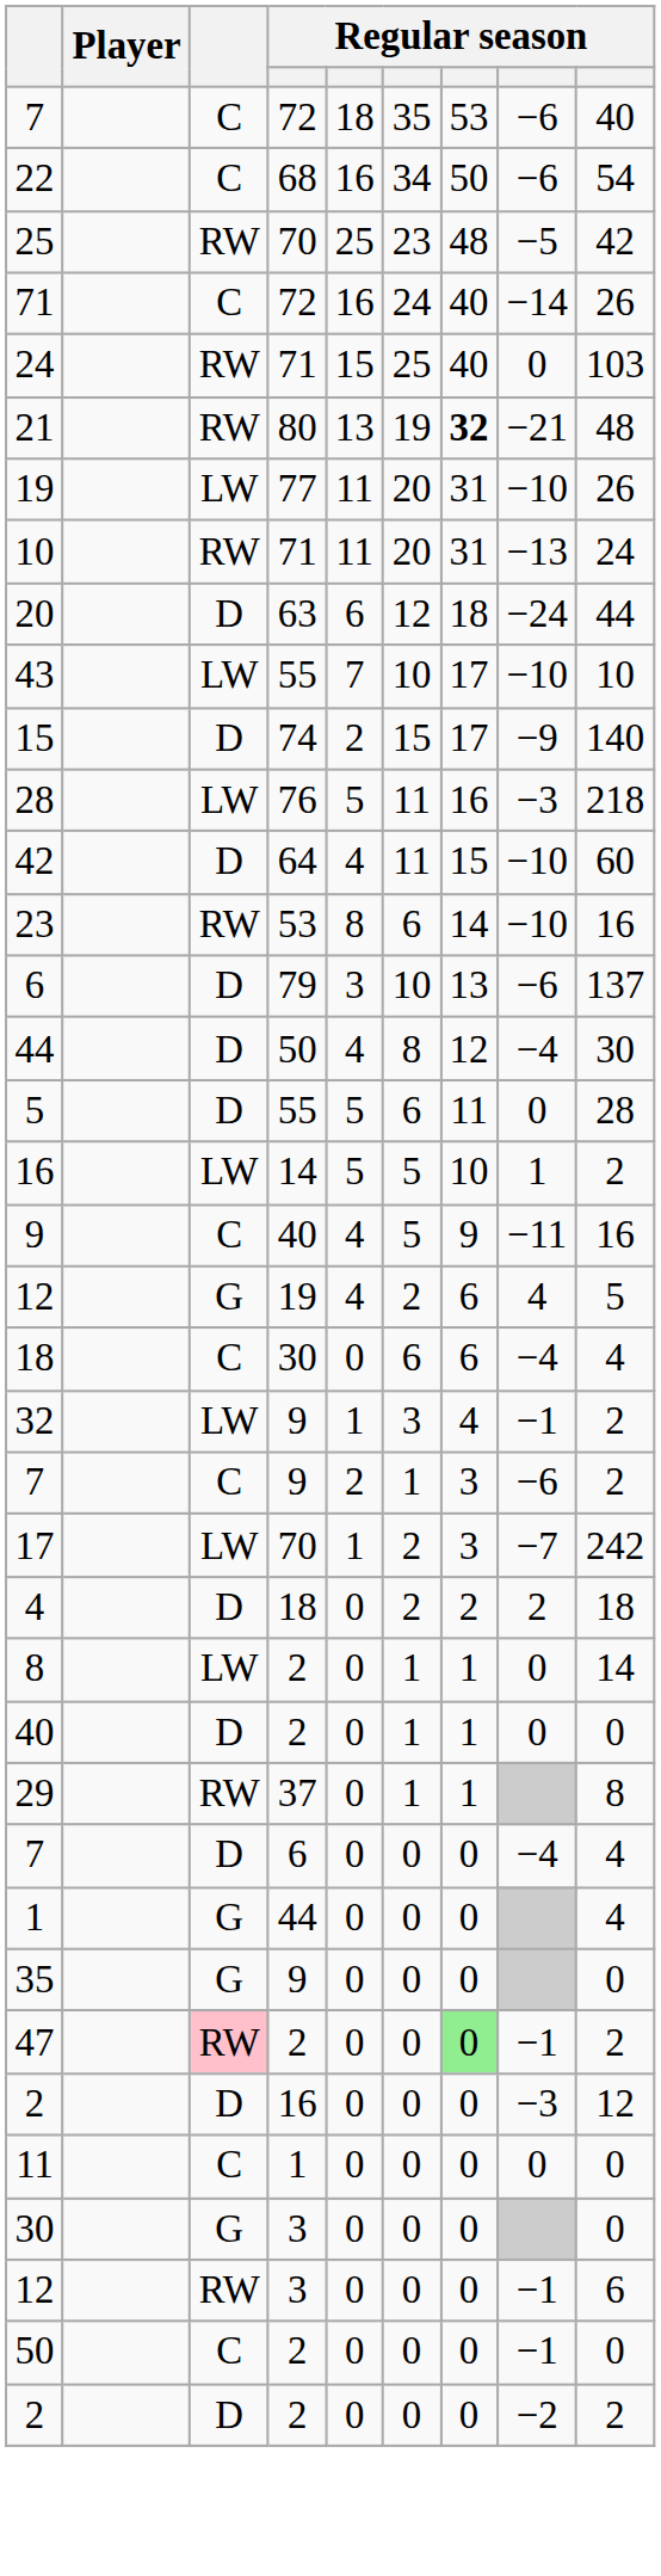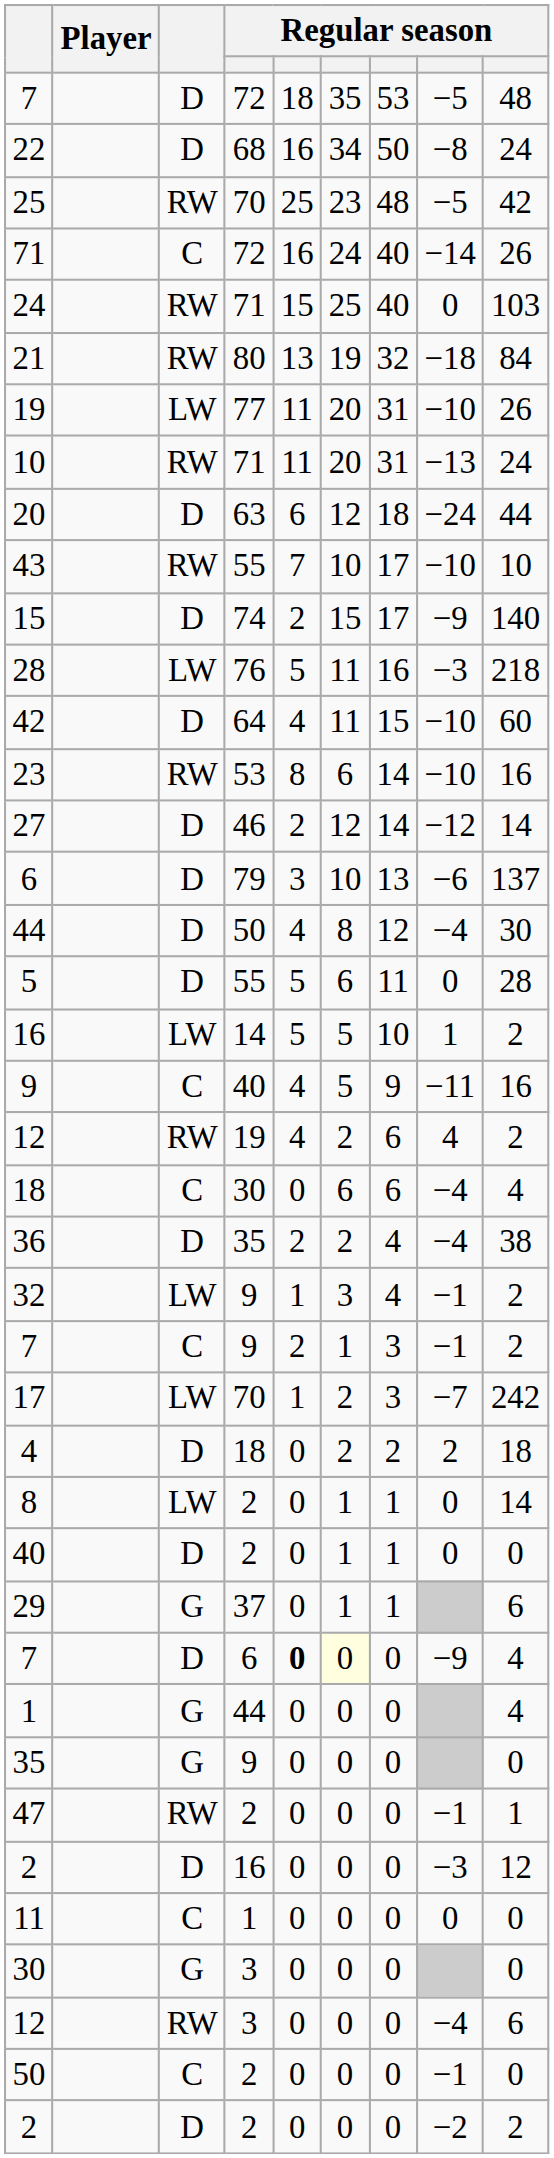 <table class="wikitable sortable plainrowheaders" style="text-align:center;">
 <tr>
 <th scope="col" data-sort-type="number" rowspan="2"></th>
 <th scope="col" rowspan="2">Player</th>
 <th scope="col" rowspan="2"></th>
 <th scope=colgroup colspan=6>Regular season</th>
 </tr>
 <tr>
 <th scope="col" data-sort-type="number"></th>
 <th scope="col" data-sort-type="number"></th>
 <th scope="col" data-sort-type="number"></th>
 <th scope="col" data-sort-type="number"></th>
 <th scope="col" data-sort-type="number"></th>
 <th scope="col" data-sort-type="number"></th>
 </tr>
 <tr>
 <td scope="row">7</td>
 <td align="left"></td>
-<td>C</td>
+<td>D</td>
 <td>72</td>
 <td>18</td>
 <td>35</td>
 <td>53</td>
-<td>−6</td>
-<td>40</td>
+<td>−5</td>
+<td>48</td>
 </tr>
 <tr>
 <td scope="row">22</td>
 <td align="left"></td>
-<td>C</td>
+<td>D</td>
 <td>68</td>
 <td>16</td>
 <td>34</td>
 <td>50</td>
-<td>−6</td>
-<td>54</td>
+<td>−8</td>
+<td>24</td>
 </tr>
 <tr>
 <td scope="row">25</td>
 <td align="left"></td>
 <td>RW</td>
 <td>70</td>
 <td>25</td>
 <td>23</td>
 <td>48</td>
 <td>−5</td>
 <td>42</td>
 </tr>
 <tr>
 <td scope="row">71</td>
 <td align="left"></td>
 <td>C</td>
 <td>72</td>
 <td>16</td>
 <td>24</td>
 <td>40</td>
 <td>−14</td>
 <td>26</td>
 </tr>
 <tr>
 <td scope="row">24</td>
 <td align="left"></td>
 <td>RW</td>
 <td>71</td>
 <td>15</td>
 <td>25</td>
 <td>40</td>
 <td>0</td>
 <td>103</td>
 </tr>
 <tr>
 <td scope="row">21</td>
 <td align="left"></td>
 <td>RW</td>
 <td>80</td>
 <td>13</td>
 <td>19</td>
-<td><strong>32</strong></td>
-<td>−21</td>
-<td>48</td>
+<td>32</td>
+<td>−18</td>
+<td>84</td>
 </tr>
 <tr>
 <td scope="row">19</td>
 <td align="left"></td>
 <td>LW</td>
 <td>77</td>
 <td>11</td>
 <td>20</td>
 <td>31</td>
 <td>−10</td>
 <td>26</td>
 </tr>
 <tr>
 <td scope="row">10</td>
 <td align="left"></td>
 <td>RW</td>
 <td>71</td>
 <td>11</td>
 <td>20</td>
 <td>31</td>
 <td>−13</td>
 <td>24</td>
 </tr>
 <tr>
 <td scope="row">20</td>
 <td align="left"></td>
 <td>D</td>
 <td>63</td>
 <td>6</td>
 <td>12</td>
 <td>18</td>
 <td>−24</td>
 <td>44</td>
 </tr>
 <tr>
 <td scope="row">43</td>
 <td align="left"></td>
-<td>LW</td>
+<td>RW</td>
 <td>55</td>
 <td>7</td>
 <td>10</td>
 <td>17</td>
 <td>−10</td>
 <td>10</td>
 </tr>
 <tr>
 <td scope="row">15</td>
 <td align="left"></td>
 <td>D</td>
 <td>74</td>
 <td>2</td>
 <td>15</td>
 <td>17</td>
 <td>−9</td>
 <td>140</td>
 </tr>
 <tr>
 <td scope="row">28</td>
 <td align="left"></td>
 <td>LW</td>
 <td>76</td>
 <td>5</td>
 <td>11</td>
 <td>16</td>
 <td>−3</td>
 <td>218</td>
 </tr>
 <tr>
 <td scope="row">42</td>
 <td align="left"></td>
 <td>D</td>
 <td>64</td>
 <td>4</td>
 <td>11</td>
 <td>15</td>
 <td>−10</td>
 <td>60</td>
 </tr>
 <tr>
 <td scope="row">23</td>
 <td align="left"></td>
 <td>RW</td>
 <td>53</td>
 <td>8</td>
 <td>6</td>
 <td>14</td>
 <td>−10</td>
 <td>16</td>
+</tr>
+<tr>
+<td scope="row">27</td>
+<td align="left"></td>
+<td>D</td>
+<td>46</td>
+<td>2</td>
+<td>12</td>
+<td>14</td>
+<td>−12</td>
+<td>14</td>
 </tr>
 <tr>
 <td scope="row">6</td>
 <td align="left"></td>
 <td>D</td>
 <td>79</td>
 <td>3</td>
 <td>10</td>
 <td>13</td>
 <td>−6</td>
 <td>137</td>
 </tr>
 <tr>
 <td scope="row">44</td>
 <td align="left"></td>
 <td>D</td>
 <td>50</td>
 <td>4</td>
 <td>8</td>
 <td>12</td>
 <td>−4</td>
 <td>30</td>
 </tr>
 <tr>
 <td scope="row">5</td>
 <td align="left"></td>
 <td>D</td>
 <td>55</td>
 <td>5</td>
 <td>6</td>
 <td>11</td>
 <td>0</td>
 <td>28</td>
 </tr>
 <tr>
 <td scope="row">16</td>
 <td align="left"></td>
 <td>LW</td>
 <td>14</td>
 <td>5</td>
 <td>5</td>
 <td>10</td>
 <td>1</td>
 <td>2</td>
 </tr>
 <tr>
 <td scope="row">9</td>
 <td align="left"></td>
 <td>C</td>
 <td>40</td>
 <td>4</td>
 <td>5</td>
 <td>9</td>
 <td>−11</td>
 <td>16</td>
 </tr>
 <tr>
 <td scope="row">12</td>
 <td align="left"></td>
-<td>G</td>
+<td>RW</td>
 <td>19</td>
 <td>4</td>
 <td>2</td>
 <td>6</td>
 <td>4</td>
-<td>5</td>
+<td>2</td>
 </tr>
 <tr>
 <td scope="row">18</td>
 <td align="left"></td>
 <td>C</td>
 <td>30</td>
 <td>0</td>
 <td>6</td>
 <td>6</td>
 <td>−4</td>
 <td>4</td>
+</tr>
+<tr>
+<td scope="row">36</td>
+<td align="left"></td>
+<td>D</td>
+<td>35</td>
+<td>2</td>
+<td>2</td>
+<td>4</td>
+<td>−4</td>
+<td>38</td>
 </tr>
 <tr>
 <td scope="row">32</td>
 <td align="left"></td>
 <td>LW</td>
 <td>9</td>
 <td>1</td>
 <td>3</td>
 <td>4</td>
 <td>−1</td>
 <td>2</td>
 </tr>
 <tr>
 <td scope="row">7</td>
 <td align="left"></td>
 <td>C</td>
 <td>9</td>
 <td>2</td>
 <td>1</td>
 <td>3</td>
-<td>−6</td>
+<td>−1</td>
 <td>2</td>
 </tr>
 <tr>
 <td scope="row">17</td>
 <td align="left"></td>
 <td>LW</td>
 <td>70</td>
 <td>1</td>
 <td>2</td>
 <td>3</td>
 <td>−7</td>
 <td>242</td>
 </tr>
 <tr>
 <td scope="row">4</td>
 <td align="left"></td>
 <td>D</td>
 <td>18</td>
 <td>0</td>
 <td>2</td>
 <td>2</td>
 <td>2</td>
 <td>18</td>
 </tr>
 <tr>
 <td scope="row">8</td>
 <td align="left"></td>
 <td>LW</td>
 <td>2</td>
 <td>0</td>
 <td>1</td>
 <td>1</td>
 <td>0</td>
 <td>14</td>
 </tr>
 <tr>
 <td scope="row">40</td>
 <td align="left"></td>
 <td>D</td>
 <td>2</td>
 <td>0</td>
 <td>1</td>
 <td>1</td>
 <td>0</td>
 <td>0</td>
 </tr>
 <tr>
 <td scope="row">29</td>
 <td align="left"></td>
-<td>RW</td>
+<td>G</td>
 <td>37</td>
 <td>0</td>
 <td>1</td>
 <td>1</td>
 <td style="background:#ccc"></td>
-<td>8</td>
+<td>6</td>
 </tr>
 <tr>
 <td scope="row">7</td>
 <td align="left"></td>
 <td>D</td>
 <td>6</td>
+<td><strong>0</strong></td>
+<td style="background: lightyellow;">0</td>
 <td>0</td>
-<td>0</td>
-<td>0</td>
-<td>−4</td>
+<td>−9</td>
 <td>4</td>
 </tr>
 <tr>
 <td scope="row">1</td>
 <td align="left"></td>
 <td>G</td>
 <td>44</td>
 <td>0</td>
 <td>0</td>
 <td>0</td>
 <td style="background:#ccc"></td>
 <td>4</td>
 </tr>
 <tr>
 <td scope="row">35</td>
 <td align="left"></td>
 <td>G</td>
 <td>9</td>
 <td>0</td>
 <td>0</td>
 <td>0</td>
 <td style="background:#ccc"></td>
 <td>0</td>
 </tr>
 <tr>
 <td scope="row">47</td>
 <td align="left"></td>
-<td style="background: pink;">RW</td>
+<td>RW</td>
 <td>2</td>
 <td>0</td>
 <td>0</td>
-<td style="background: lightgreen;">0</td>
+<td>0</td>
 <td>−1</td>
-<td>2</td>
+<td>1</td>
 </tr>
 <tr>
 <td scope="row">2</td>
 <td align="left"></td>
 <td>D</td>
 <td>16</td>
 <td>0</td>
 <td>0</td>
 <td>0</td>
 <td>−3</td>
 <td>12</td>
 </tr>
 <tr>
 <td scope="row">11</td>
 <td align="left"></td>
 <td>C</td>
 <td>1</td>
 <td>0</td>
 <td>0</td>
 <td>0</td>
 <td>0</td>
 <td>0</td>
 </tr>
 <tr>
 <td scope="row">30</td>
 <td align="left"></td>
 <td>G</td>
 <td>3</td>
 <td>0</td>
 <td>0</td>
 <td>0</td>
 <td style="background:#ccc"></td>
 <td>0</td>
 </tr>
 <tr>
 <td scope="row">12</td>
 <td align="left"></td>
 <td>RW</td>
 <td>3</td>
 <td>0</td>
 <td>0</td>
 <td>0</td>
-<td>−1</td>
+<td>−4</td>
 <td>6</td>
 </tr>
 <tr>
 <td scope="row">50</td>
 <td align="left"></td>
 <td>C</td>
 <td>2</td>
 <td>0</td>
 <td>0</td>
 <td>0</td>
 <td>−1</td>
 <td>0</td>
 </tr>
 <tr>
 <td scope="row">2</td>
 <td align="left"></td>
 <td>D</td>
 <td>2</td>
 <td>0</td>
 <td>0</td>
 <td>0</td>
 <td>−2</td>
 <td>2</td>
 </tr>
 </table>
